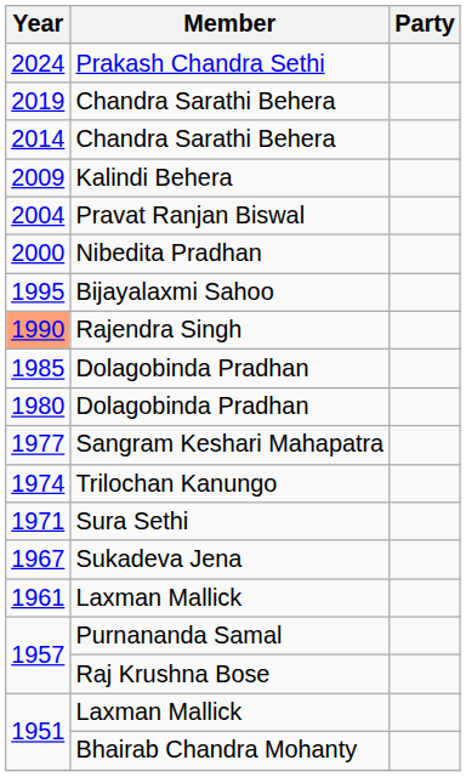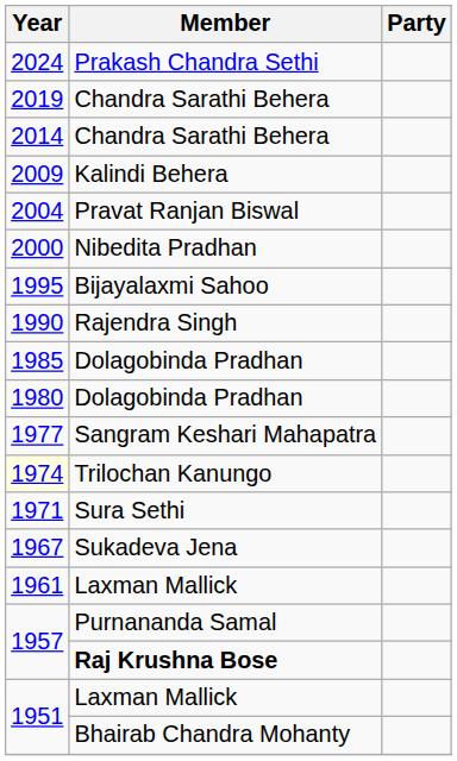 <table class="wikitable sortable">
 <tr>
 <th>Year</th>
 <th>Member</th>
 <th colspan=2>Party</th>
 </tr>
 <tr>
 <td><a href='#'>2024</a></td>
 <td><a href='#'>Prakash Chandra Sethi</a></td>
 <td></td>
 </tr>
 <tr>
 <td><a href='#'>2019</a></td>
 <td>Chandra Sarathi Behera</td>
 <td></td>
 </tr>
 <tr>
 <td><a href='#'>2014</a></td>
 <td>Chandra Sarathi Behera</td>
 <td></td>
 </tr>
 <tr>
 <td><a href='#'>2009</a></td>
 <td>Kalindi Behera</td>
 <td></td>
 </tr>
 <tr>
 <td><a href='#'>2004</a></td>
 <td>Pravat Ranjan Biswal</td>
 <td></td>
 </tr>
 <tr>
 <td><a href='#'>2000</a></td>
 <td>Nibedita Pradhan</td>
 <td></td>
 </tr>
 <tr>
 <td><a href='#'>1995</a></td>
 <td>Bijayalaxmi Sahoo</td>
 <td></td>
 </tr>
 <tr>
-<td style="background: lightsalmon;"><a href='#'>1990</a></td>
+<td><a href='#'>1990</a></td>
 <td>Rajendra Singh</td>
 <td></td>
 </tr>
 <tr>
 <td><a href='#'>1985</a></td>
 <td>Dolagobinda Pradhan</td>
 <td></td>
 </tr>
 <tr>
 <td><a href='#'>1980</a></td>
 <td>Dolagobinda Pradhan</td>
 <td></td>
 </tr>
 <tr>
 <td><a href='#'>1977</a></td>
 <td>Sangram Keshari Mahapatra</td>
 <td></td>
 </tr>
 <tr>
-<td><a href='#'>1974</a></td>
+<td style="background: lightyellow;"><a href='#'>1974</a></td>
 <td>Trilochan Kanungo</td>
 <td></td>
 </tr>
 <tr>
 <td><a href='#'>1971</a></td>
 <td>Sura Sethi</td>
 <td></td>
 </tr>
 <tr>
 <td><a href='#'>1967</a></td>
 <td>Sukadeva Jena</td>
 <td></td>
 </tr>
 <tr>
 <td><a href='#'>1961</a></td>
 <td>Laxman Mallick</td>
 <td></td>
 </tr>
 <tr>
 <td rowspan="2"><a href='#'>1957</a></td>
 <td>Purnananda Samal</td>
 <td></td>
 </tr>
 <tr>
-<td>Raj Krushna Bose</td>
+<td><strong>Raj Krushna Bose</strong></td>
 <td></td>
 </tr>
 <tr>
 <td rowspan="2"><a href='#'>1951</a></td>
 <td>Laxman Mallick</td>
 <td></td>
 </tr>
 <tr>
 <td>Bhairab Chandra Mohanty</td>
 <td></td>
 </tr>
 <tr>
 </tr>
 </table>
